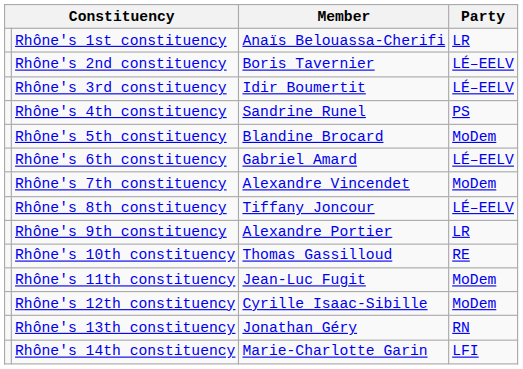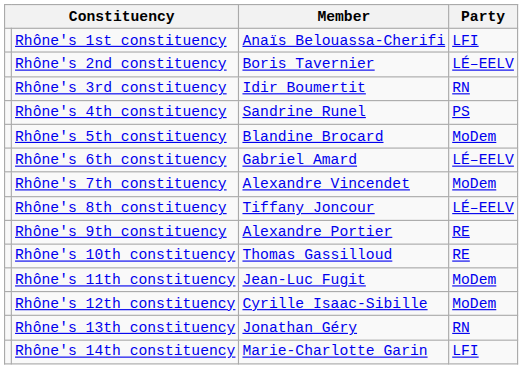 <table class="wikitable">
 <tr>
 <th colspan="2">Constituency</th>
 <th>Member</th>
 <th>Party</th>
 </tr>
 <tr>
 <td style="background-color: "></td>
 <td><a href='#'>Rhône's 1st constituency</a></td>
 <td><a href='#'>Anaïs Belouassa-Cherifi</a></td>
-<td><a href='#'>LR</a></td>
+<td><a href='#'>LFI</a></td>
 </tr>
 <tr>
 <td style="background-color: "></td>
 <td><a href='#'>Rhône's 2nd constituency</a></td>
 <td><a href='#'>Boris Tavernier</a></td>
 <td><a href='#'>LÉ–EELV</a></td>
 </tr>
 <tr>
 <td style="background-color: "></td>
 <td><a href='#'>Rhône's 3rd constituency</a></td>
 <td><a href='#'>Idir Boumertit</a></td>
-<td><a href='#'>LÉ–EELV</a></td>
+<td><a href='#'>RN</a></td>
 </tr>
 <tr>
 <td style="background-color: "></td>
 <td><a href='#'>Rhône's 4th constituency</a></td>
 <td><a href='#'>Sandrine Runel</a></td>
 <td><a href='#'>PS</a></td>
 </tr>
 <tr>
 <td style="background-color: "></td>
 <td><a href='#'>Rhône's 5th constituency</a></td>
 <td><a href='#'>Blandine Brocard</a></td>
 <td><a href='#'>MoDem</a></td>
 </tr>
 <tr>
 <td style="background-color: "></td>
 <td><a href='#'>Rhône's 6th constituency</a></td>
 <td><a href='#'>Gabriel Amard</a></td>
 <td><a href='#'>LÉ–EELV</a></td>
 </tr>
 <tr>
 <td style="background-color: "></td>
 <td><a href='#'>Rhône's 7th constituency</a></td>
 <td><a href='#'>Alexandre Vincendet</a></td>
 <td><a href='#'>MoDem</a></td>
 </tr>
 <tr>
 <td style="background-color: "></td>
 <td><a href='#'>Rhône's 8th constituency</a></td>
 <td><a href='#'>Tiffany Joncour</a></td>
 <td><a href='#'>LÉ–EELV</a></td>
 </tr>
 <tr>
 <td style="background-color: "></td>
 <td><a href='#'>Rhône's 9th constituency</a></td>
 <td><a href='#'>Alexandre Portier</a></td>
-<td><a href='#'>LR</a></td>
+<td><a href='#'>RE</a></td>
 </tr>
 <tr>
 <td style="background-color: "></td>
 <td><a href='#'>Rhône's 10th constituency</a></td>
 <td><a href='#'>Thomas Gassilloud</a></td>
 <td><a href='#'>RE</a></td>
 </tr>
 <tr>
 <td style="background-color: "></td>
 <td><a href='#'>Rhône's 11th constituency</a></td>
 <td><a href='#'>Jean-Luc Fugit</a></td>
 <td><a href='#'>MoDem</a></td>
 </tr>
 <tr>
 <td style="background-color: "></td>
 <td><a href='#'>Rhône's 12th constituency</a></td>
 <td><a href='#'>Cyrille Isaac-Sibille</a></td>
 <td><a href='#'>MoDem</a></td>
 </tr>
 <tr>
 <td style="background-color: "></td>
 <td><a href='#'>Rhône's 13th constituency</a></td>
 <td><a href='#'>Jonathan Géry</a></td>
 <td><a href='#'>RN</a></td>
 </tr>
 <tr>
 <td style="background-color: "></td>
 <td><a href='#'>Rhône's 14th constituency</a></td>
 <td><a href='#'>Marie-Charlotte Garin</a></td>
 <td><a href='#'>LFI</a></td>
 </tr>
 </table>
